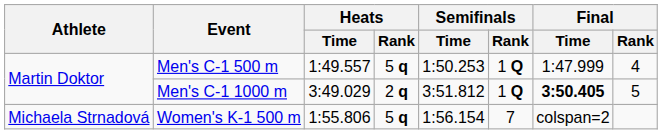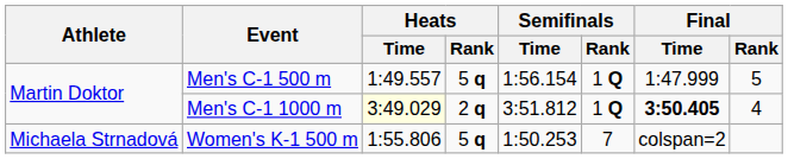 <table class="wikitable" style="font-size:90%">
 <tr>
 <th rowspan=2>Athlete</th>
 <th rowspan=2>Event</th>
 <th colspan=2>Heats</th>
 <th colspan=2>Semifinals</th>
 <th colspan=2>Final</th>
 </tr>
 <tr style="font-size:95%">
 <th>Time</th>
 <th>Rank</th>
 <th>Time</th>
 <th>Rank</th>
 <th>Time</th>
 <th>Rank</th>
 </tr>
 <tr align=center>
 <td align=left rowspan=2><a href='#'>Martin Doktor</a></td>
 <td align=left><a href='#'>Men's C-1 500 m</a></td>
 <td>1:49.557</td>
 <td>5 <strong>q</strong></td>
-<td>1:50.253</td>
+<td>1:56.154</td>
 <td>1 <strong>Q</strong></td>
 <td>1:47.999</td>
-<td>4</td>
+<td>5</td>
 </tr>
 <tr align=center>
 <td align=left><a href='#'>Men's C-1 1000 m</a></td>
-<td>3:49.029</td>
+<td style="background: lightyellow;">3:49.029</td>
 <td>2 <strong>q</strong></td>
 <td>3:51.812</td>
 <td>1 <strong>Q</strong></td>
 <td><strong>3:50.405</strong></td>
-<td>5</td>
+<td>4</td>
 </tr>
 <tr align=center>
 <td align=left><a href='#'>Michaela Strnadová</a></td>
 <td align=left><a href='#'>Women's K-1 500 m</a></td>
 <td>1:55.806</td>
 <td>5 <strong>q</strong></td>
-<td>1:56.154</td>
+<td>1:50.253</td>
 <td>7</td>
 <td>colspan=2 </td>
 </tr>
 </table>
